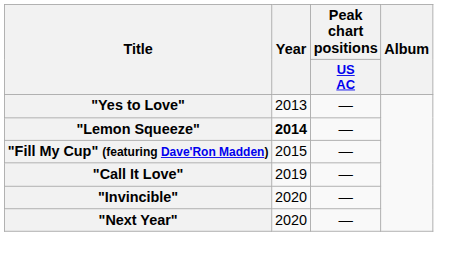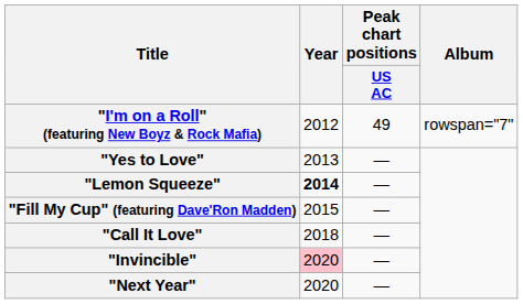 <table class="wikitable plainrowheaders" style="text-align:center;" border="1">
 <tr>
 <th scope="col" rowspan="2">Title</th>
 <th scope="col" rowspan="2">Year</th>
 <th scope="col" colspan="1">Peak chart positions</th>
 <th scope="col" rowspan="2">Album</th>
 </tr>
 <tr>
 <th scope="col" style="width:3em;font-size:90%;"><a href='#'>US<br>AC</a></th>
+</tr>
+<tr>
+<th scope="row">"<a href='#'>I'm on a Roll</a>"<br><small>(featuring <a href='#'>New Boyz</a> & <a href='#'>Rock Mafia</a>)</small></th>
+<td>2012</td>
+<td>49</td>
+<td>rowspan="7" </td>
 </tr>
 <tr>
 <th scope="row">"Yes to Love"</th>
 <td>2013</td>
 <td>—</td>
 </tr>
 <tr>
 <th scope="row">"Lemon Squeeze"</th>
 <td><strong>2014</strong></td>
 <td>—</td>
 </tr>
 <tr>
 <th scope="row">"Fill My Cup" <small>(featuring <a href='#'>Dave'Ron Madden</a>)</small></th>
 <td>2015</td>
 <td>—</td>
 </tr>
 <tr>
 <th scope="row">"Call It Love"</th>
-<td>2019</td>
+<td>2018</td>
 <td>—</td>
 </tr>
 <tr>
 <th scope="row">"Invincible"</th>
-<td>2020</td>
+<td style="background: pink;">2020</td>
 <td>—</td>
 </tr>
 <tr>
 <th scope="row">"Next Year"</th>
 <td>2020</td>
 <td>—</td>
 </tr>
 </table>
